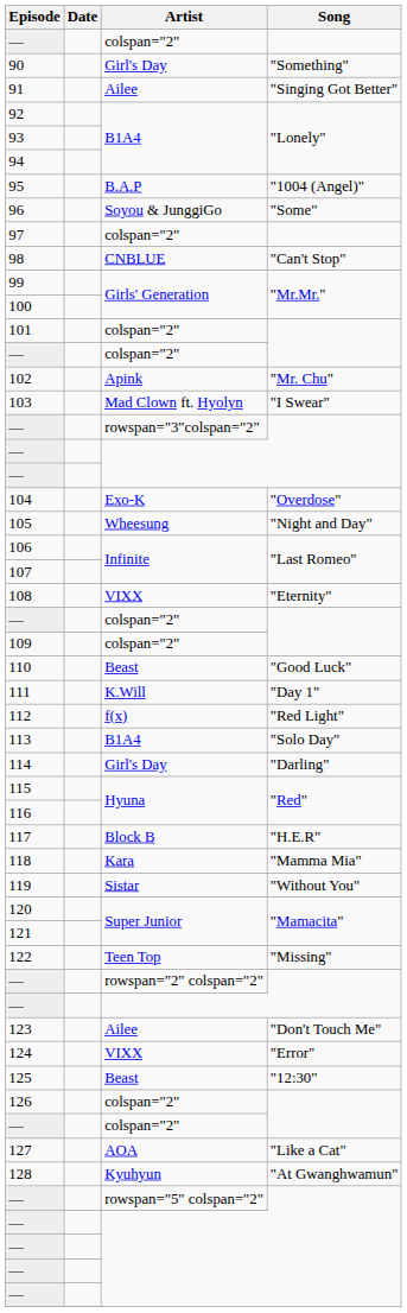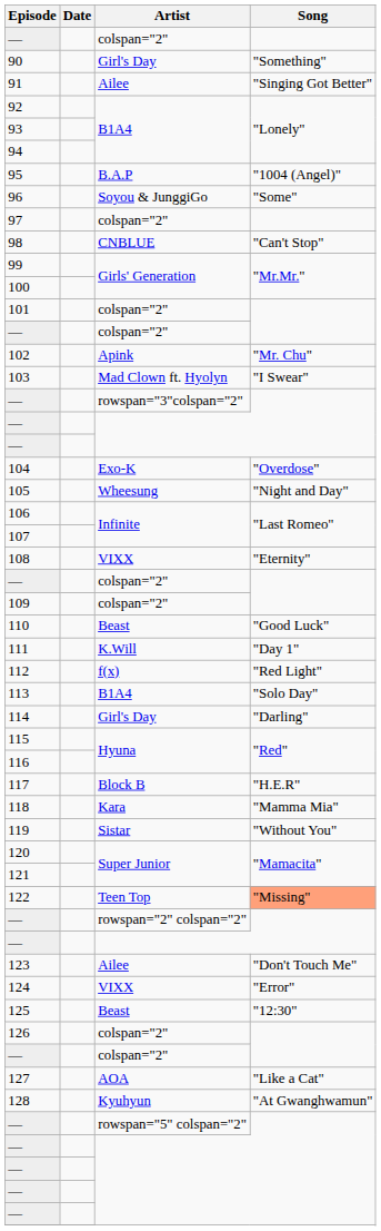 <table class="sortable wikitable">
 <tr>
 <th>Episode</th>
 <th>Date</th>
 <th>Artist</th>
 <th>Song</th>
 </tr>
 <tr>
 <td style="background:#eee;">—</td>
 <td></td>
 <td>colspan="2" </td>
 </tr>
 <tr>
 <td>90</td>
 <td></td>
 <td><a href='#'>Girl's Day</a></td>
 <td>"Something"</td>
 </tr>
 <tr>
 <td>91</td>
 <td></td>
 <td><a href='#'>Ailee</a></td>
 <td>"Singing Got Better"</td>
 </tr>
 <tr>
 <td>92</td>
 <td></td>
 <td rowspan="3"><a href='#'>B1A4</a></td>
 <td rowspan="3">"Lonely"</td>
 </tr>
 <tr>
 <td>93</td>
 <td></td>
 </tr>
 <tr>
 <td>94</td>
 <td></td>
 </tr>
 <tr>
 <td>95</td>
 <td></td>
 <td><a href='#'>B.A.P</a></td>
 <td>"1004 (Angel)"</td>
 </tr>
 <tr>
 <td>96</td>
 <td></td>
 <td><a href='#'>Soyou</a> & JunggiGo</td>
 <td>"Some"</td>
 </tr>
 <tr>
 <td>97</td>
 <td></td>
 <td>colspan="2" </td>
 </tr>
 <tr>
 <td>98</td>
 <td></td>
 <td><a href='#'>CNBLUE</a></td>
 <td>"Can't Stop"</td>
 </tr>
 <tr>
 <td>99</td>
 <td></td>
 <td rowspan="2"><a href='#'>Girls' Generation</a></td>
 <td rowspan="2">"<a href='#'>Mr.Mr.</a>"</td>
 </tr>
 <tr>
 <td>100</td>
 <td></td>
 </tr>
 <tr>
 <td>101</td>
 <td></td>
 <td>colspan="2" </td>
 </tr>
 <tr>
 <td style="background:#eee;">—</td>
 <td></td>
 <td>colspan="2" </td>
 </tr>
 <tr>
 <td>102</td>
 <td></td>
 <td><a href='#'>Apink</a></td>
 <td>"<a href='#'>Mr. Chu</a>"</td>
 </tr>
 <tr>
 <td>103</td>
 <td></td>
 <td><a href='#'>Mad Clown</a> ft. <a href='#'>Hyolyn</a></td>
 <td>"I Swear"</td>
 </tr>
 <tr>
 <td style="background:#eee;">—</td>
 <td></td>
 <td>rowspan="3"colspan="2" </td>
 </tr>
 <tr>
 <td style="background:#eee;">—</td>
 <td></td>
 </tr>
 <tr>
 <td style="background:#eee;">—</td>
 <td></td>
 </tr>
 <tr>
 <td>104</td>
 <td></td>
 <td><a href='#'>Exo-K</a></td>
 <td>"<a href='#'>Overdose</a>"</td>
 </tr>
 <tr>
 <td>105</td>
 <td></td>
 <td><a href='#'>Wheesung</a></td>
 <td>"Night and Day"</td>
 </tr>
 <tr>
 <td>106</td>
 <td></td>
 <td rowspan="2"><a href='#'>Infinite</a></td>
 <td rowspan="2">"Last Romeo"</td>
 </tr>
 <tr>
 <td>107</td>
 <td></td>
 </tr>
 <tr>
 <td>108</td>
 <td></td>
 <td><a href='#'>VIXX</a></td>
 <td>"Eternity"</td>
 </tr>
 <tr>
 <td style="background:#eee;">—</td>
 <td></td>
 <td>colspan="2" </td>
 </tr>
 <tr>
 <td>109</td>
 <td></td>
 <td>colspan="2" </td>
 </tr>
 <tr>
 <td>110</td>
 <td></td>
 <td><a href='#'>Beast</a></td>
 <td>"Good Luck"</td>
 </tr>
 <tr>
 <td>111</td>
 <td></td>
 <td><a href='#'>K.Will</a></td>
 <td>"Day 1"</td>
 </tr>
 <tr>
 <td>112</td>
 <td></td>
 <td><a href='#'>f(x)</a></td>
 <td>"Red Light"</td>
 </tr>
 <tr>
 <td>113</td>
 <td></td>
 <td><a href='#'>B1A4</a></td>
 <td>"Solo Day"</td>
 </tr>
 <tr>
 <td>114</td>
 <td></td>
 <td><a href='#'>Girl's Day</a></td>
 <td>"Darling"</td>
 </tr>
 <tr>
 <td>115</td>
 <td></td>
 <td rowspan="2"><a href='#'>Hyuna</a></td>
 <td rowspan="2">"<a href='#'>Red</a>"</td>
 </tr>
 <tr>
 <td>116</td>
 <td></td>
 </tr>
 <tr>
 <td>117</td>
 <td></td>
 <td><a href='#'>Block B</a></td>
 <td>"H.E.R"</td>
 </tr>
 <tr>
 <td>118</td>
 <td></td>
 <td><a href='#'>Kara</a></td>
 <td>"Mamma Mia"</td>
 </tr>
 <tr>
 <td>119</td>
 <td></td>
 <td><a href='#'>Sistar</a></td>
 <td>"Without You"</td>
 </tr>
 <tr>
 <td>120</td>
 <td></td>
 <td rowspan="2"><a href='#'>Super Junior</a></td>
 <td rowspan="2">"<a href='#'>Mamacita</a>"</td>
 </tr>
 <tr>
 <td>121</td>
 <td></td>
 </tr>
 <tr>
 <td>122</td>
 <td></td>
 <td><a href='#'>Teen Top</a></td>
-<td>"Missing"</td>
+<td style="background: lightsalmon;">"Missing"</td>
 </tr>
 <tr>
 <td style="background:#eee;">—</td>
 <td></td>
 <td>rowspan="2" colspan="2" </td>
 </tr>
 <tr>
 <td style="background:#eee;">—</td>
 <td></td>
 </tr>
 <tr>
 <td>123</td>
 <td></td>
 <td><a href='#'>Ailee</a></td>
 <td>"Don't Touch Me"</td>
 </tr>
 <tr>
 <td>124</td>
 <td></td>
 <td><a href='#'>VIXX</a></td>
 <td>"Error"</td>
 </tr>
 <tr>
 <td>125</td>
 <td></td>
 <td><a href='#'>Beast</a></td>
 <td>"12:30"</td>
 </tr>
 <tr>
 <td>126</td>
 <td></td>
 <td>colspan="2" </td>
 </tr>
 <tr>
 <td style="background:#eee;">—</td>
 <td></td>
 <td>colspan="2" </td>
 </tr>
 <tr>
 <td>127</td>
 <td></td>
 <td><a href='#'>AOA</a></td>
 <td>"Like a Cat"</td>
 </tr>
 <tr>
 <td>128</td>
 <td></td>
 <td><a href='#'>Kyuhyun</a></td>
 <td>"At Gwanghwamun"</td>
 </tr>
 <tr>
 <td style="background:#eee;">—</td>
 <td></td>
 <td>rowspan="5" colspan="2" </td>
 </tr>
 <tr>
 <td style="background:#eee;">—</td>
 <td></td>
 </tr>
 <tr>
 <td style="background:#eee;">—</td>
 <td></td>
 </tr>
 <tr>
 <td style="background:#eee;">—</td>
 <td></td>
 </tr>
 <tr>
 <td style="background:#eee;">—</td>
 <td></td>
 </tr>
 <tr>
 </tr>
 </table>
